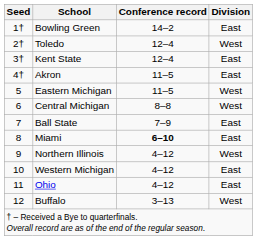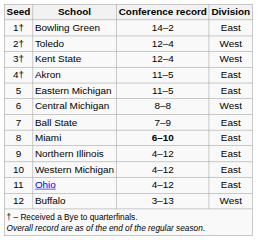 <table class="wikitable" style="text-align:center">
 <tr>
 <th>Seed</th>
 <th>School</th>
 <th>Conference record</th>
 <th>Division</th>
 </tr>
 <tr>
 <td>1†</td>
 <td align=left>Bowling Green</td>
 <td>14–2</td>
 <td>East</td>
 </tr>
 <tr>
 <td>2†</td>
 <td align=left>Toledo</td>
 <td>12–4</td>
 <td>West</td>
 </tr>
 <tr>
 <td>3†</td>
 <td align=left>Kent State</td>
 <td>12–4</td>
-<td>East</td>
+<td>West</td>
 </tr>
 <tr>
 <td>4†</td>
 <td align=left>Akron</td>
 <td>11–5</td>
 <td>East</td>
 </tr>
 <tr>
 <td>5</td>
 <td align=left>Eastern Michigan</td>
 <td>11–5</td>
-<td>West</td>
+<td>East</td>
 </tr>
 <tr>
 <td>6</td>
 <td align=left>Central Michigan</td>
 <td>8–8</td>
 <td>West</td>
 </tr>
 <tr>
 <td>7</td>
 <td align=left>Ball State</td>
 <td>7–9</td>
 <td>East</td>
 </tr>
 <tr>
 <td>8</td>
 <td align=left>Miami</td>
 <td><strong>6–10</strong></td>
 <td>East</td>
 </tr>
 <tr>
 <td>9</td>
 <td align=left>Northern Illinois</td>
 <td>4–12</td>
-<td>West</td>
+<td>East</td>
 </tr>
 <tr>
 <td>10</td>
 <td align=left>Western Michigan</td>
 <td>4–12</td>
 <td>East</td>
 </tr>
 <tr>
 <td>11</td>
 <td align=left><a href='#'>Ohio</a></td>
 <td>4–12</td>
 <td>East</td>
 </tr>
 <tr>
 <td>12</td>
 <td align=left>Buffalo</td>
 <td>3–13</td>
 <td>West</td>
 </tr>
 <tr>
 <td colspan="5" style="text-align:left;"><small>† – Received a Bye to quarterfinals.<br><em>Overall record are as of the end of the regular season</em>.</small></td>
 </tr>
 </table>
